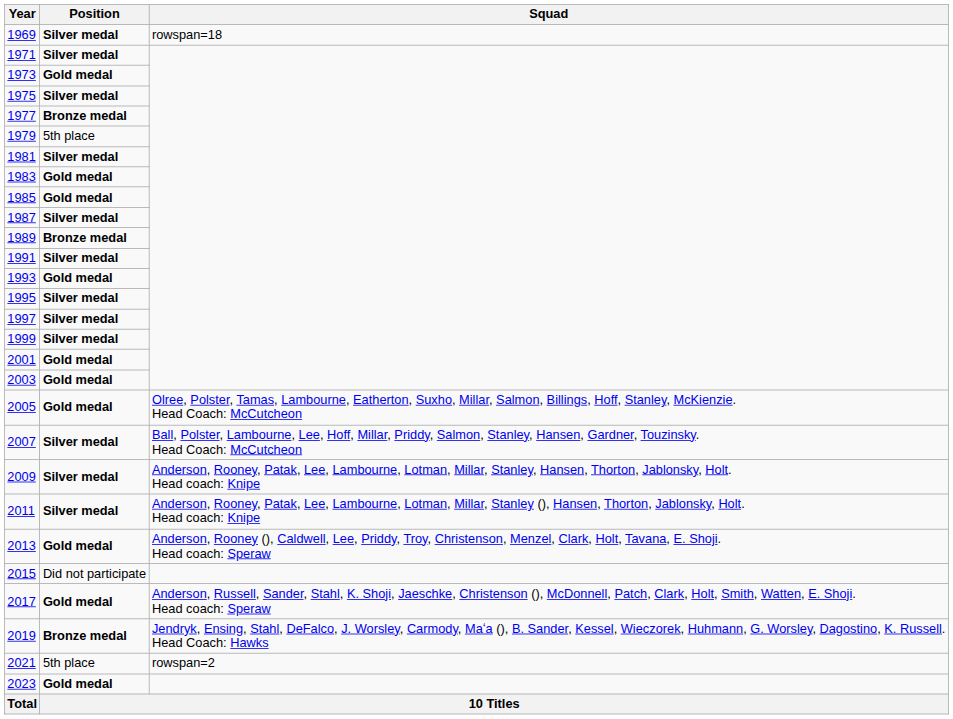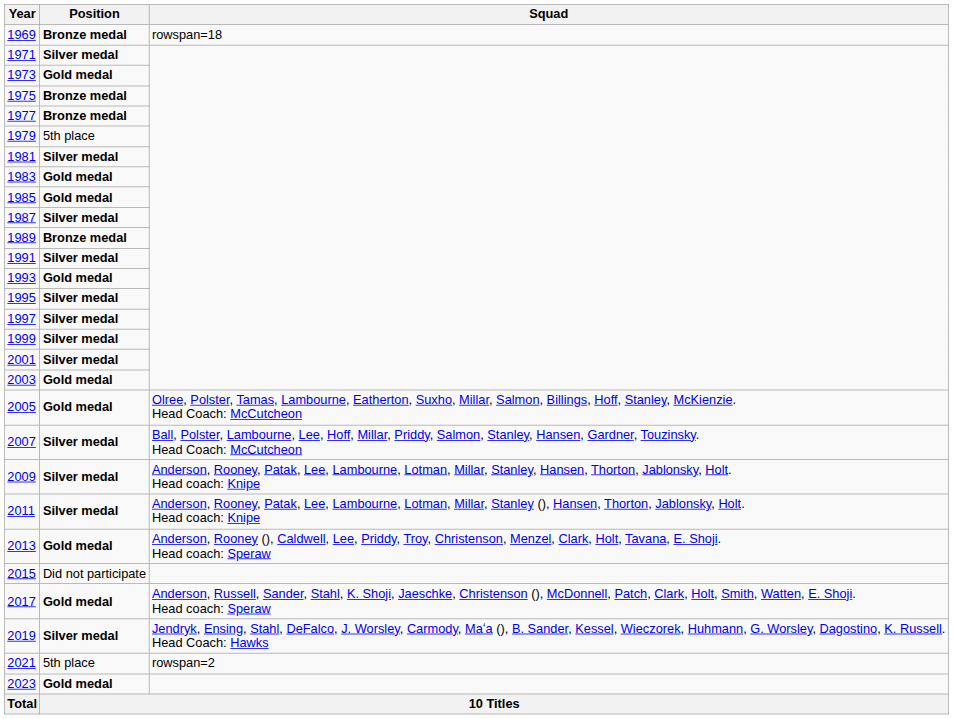 <table class="wikitable" style="text-align: center;">
 <tr>
 <th>Year</th>
 <th>Position</th>
 <th>Squad</th>
 </tr>
 <tr style="text-align:left;">
 <td><a href='#'>1969</a></td>
-<td> <strong>Silver medal</strong></td>
+<td> <strong>Bronze medal</strong></td>
 <td>rowspan=18 </td>
 </tr>
 <tr style="text-align:left;">
 <td><a href='#'>1971</a></td>
 <td> <strong>Silver medal</strong></td>
 </tr>
 <tr style="text-align:left;">
 <td><a href='#'>1973</a></td>
 <td> <strong>Gold medal</strong></td>
 </tr>
 <tr style="text-align:left;">
 <td><a href='#'>1975</a></td>
-<td> <strong>Silver medal</strong></td>
+<td> <strong>Bronze medal</strong></td>
 </tr>
 <tr style="text-align:left;">
 <td><a href='#'>1977</a></td>
 <td> <strong>Bronze medal</strong></td>
 </tr>
 <tr style="text-align:left;">
 <td><a href='#'>1979</a></td>
 <td>5th place</td>
 </tr>
 <tr style="text-align:left;">
 <td><a href='#'>1981</a></td>
 <td> <strong>Silver medal</strong></td>
 </tr>
 <tr style="text-align:left;">
 <td><a href='#'>1983</a></td>
 <td> <strong>Gold medal</strong></td>
 </tr>
 <tr style="text-align:left;">
 <td><a href='#'>1985</a></td>
 <td> <strong>Gold medal</strong></td>
 </tr>
 <tr style="text-align:left;">
 <td><a href='#'>1987</a></td>
 <td> <strong>Silver medal</strong></td>
 </tr>
 <tr style="text-align:left;">
 <td><a href='#'>1989</a></td>
 <td> <strong>Bronze medal</strong></td>
 </tr>
 <tr style="text-align:left;">
 <td><a href='#'>1991</a></td>
 <td> <strong>Silver medal</strong></td>
 </tr>
 <tr style="text-align:left;">
 <td><a href='#'>1993</a></td>
 <td> <strong>Gold medal</strong></td>
 </tr>
 <tr style="text-align:left;">
 <td><a href='#'>1995</a></td>
 <td> <strong>Silver medal</strong></td>
 </tr>
 <tr style="text-align:left;">
 <td><a href='#'>1997</a></td>
 <td> <strong>Silver medal</strong></td>
 </tr>
 <tr style="text-align:left;">
 <td><a href='#'>1999</a></td>
 <td> <strong>Silver medal</strong></td>
 </tr>
 <tr style="text-align:left;">
 <td><a href='#'>2001</a></td>
-<td> <strong>Gold medal</strong></td>
+<td> <strong>Silver medal</strong></td>
 </tr>
 <tr style="text-align:left;">
 <td><a href='#'>2003</a></td>
 <td> <strong>Gold medal</strong></td>
 </tr>
 <tr style="text-align:left;">
 <td><a href='#'>2005</a></td>
 <td> <strong>Gold medal</strong></td>
 <td><a href='#'>Olree</a>, <a href='#'>Polster</a>, <a href='#'>Tamas</a>, <a href='#'>Lambourne</a>, <a href='#'>Eatherton</a>, <a href='#'>Suxho</a>, <a href='#'>Millar</a>, <a href='#'>Salmon</a>, <a href='#'>Billings</a>, <a href='#'>Hoff</a>, <a href='#'>Stanley</a>, <a href='#'>McKienzie</a>. <br>Head Coach: <a href='#'>McCutcheon</a></td>
 </tr>
 <tr style="text-align:left;">
 <td><a href='#'>2007</a></td>
 <td> <strong>Silver medal</strong></td>
 <td><a href='#'>Ball</a>, <a href='#'>Polster</a>, <a href='#'>Lambourne</a>, <a href='#'>Lee</a>, <a href='#'>Hoff</a>, <a href='#'>Millar</a>, <a href='#'>Priddy</a>, <a href='#'>Salmon</a>, <a href='#'>Stanley</a>, <a href='#'>Hansen</a>, <a href='#'>Gardner</a>, <a href='#'>Touzinsky</a>. <br>Head Coach: <a href='#'>McCutcheon</a></td>
 </tr>
 <tr style="text-align:left;">
 <td><a href='#'>2009</a></td>
 <td> <strong>Silver medal</strong></td>
 <td><a href='#'>Anderson</a>, <a href='#'>Rooney</a>, <a href='#'>Patak</a>, <a href='#'>Lee</a>, <a href='#'>Lambourne</a>, <a href='#'>Lotman</a>, <a href='#'>Millar</a>, <a href='#'>Stanley</a>, <a href='#'>Hansen</a>, <a href='#'>Thorton</a>, <a href='#'>Jablonsky</a>, <a href='#'>Holt</a>. <br>Head coach: <a href='#'>Knipe</a></td>
 </tr>
 <tr style="text-align:left;">
 <td><a href='#'>2011</a></td>
 <td> <strong>Silver medal</strong></td>
 <td><a href='#'>Anderson</a>, <a href='#'>Rooney</a>, <a href='#'>Patak</a>, <a href='#'>Lee</a>, <a href='#'>Lambourne</a>, <a href='#'>Lotman</a>, <a href='#'>Millar</a>, <a href='#'>Stanley</a> (), <a href='#'>Hansen</a>, <a href='#'>Thorton</a>, <a href='#'>Jablonsky</a>, <a href='#'>Holt</a>. <br>Head coach: <a href='#'>Knipe</a></td>
 </tr>
 <tr style="text-align:left;">
 <td><a href='#'>2013</a></td>
 <td> <strong>Gold medal</strong></td>
 <td><a href='#'>Anderson</a>, <a href='#'>Rooney</a> (), <a href='#'>Caldwell</a>, <a href='#'>Lee</a>, <a href='#'>Priddy</a>, <a href='#'>Troy</a>, <a href='#'>Christenson</a>, <a href='#'>Menzel</a>, <a href='#'>Clark</a>, <a href='#'>Holt</a>, <a href='#'>Tavana</a>, <a href='#'>E. Shoji</a>. <br>Head coach: <a href='#'>Speraw</a></td>
 </tr>
 <tr style="text-align:left;">
 <td><a href='#'>2015</a></td>
 <td>Did not participate</td>
 <td></td>
 </tr>
 <tr style="text-align:left;">
 <td><a href='#'>2017</a></td>
 <td> <strong>Gold medal</strong></td>
 <td><a href='#'>Anderson</a>, <a href='#'>Russell</a>, <a href='#'>Sander</a>, <a href='#'>Stahl</a>, <a href='#'>K. Shoji</a>, <a href='#'>Jaeschke</a>, <a href='#'>Christenson</a> (), <a href='#'>McDonnell</a>, <a href='#'>Patch</a>, <a href='#'>Clark</a>, <a href='#'>Holt</a>, <a href='#'>Smith</a>, <a href='#'>Watten</a>, <a href='#'>E. Shoji</a>. <br>Head coach: <a href='#'>Speraw</a></td>
 </tr>
 <tr style="text-align:left;">
 <td><a href='#'>2019</a></td>
-<td> <strong>Bronze medal</strong></td>
+<td> <strong>Silver medal</strong></td>
 <td><a href='#'>Jendryk</a>, <a href='#'>Ensing</a>, <a href='#'>Stahl</a>, <a href='#'>DeFalco</a>, <a href='#'>J. Worsley</a>, <a href='#'>Carmody</a>, <a href='#'>Maʻa</a> (), <a href='#'>B. Sander</a>, <a href='#'>Kessel</a>, <a href='#'>Wieczorek</a>, <a href='#'>Huhmann</a>, <a href='#'>G. Worsley</a>, <a href='#'>Dagostino</a>, <a href='#'>K. Russell</a>. <br>Head Coach: <a href='#'>Hawks</a></td>
 </tr>
 <tr style="text-align:left;">
 <td><a href='#'>2021</a></td>
 <td>5th place</td>
 <td>rowspan=2 </td>
 </tr>
 <tr style="text-align:left;">
 <td><a href='#'>2023</a></td>
 <td> <strong>Gold medal</strong></td>
 </tr>
 <tr>
 <th>Total</th>
 <th colspan="2">10 Titles</th>
 </tr>
 </table>
